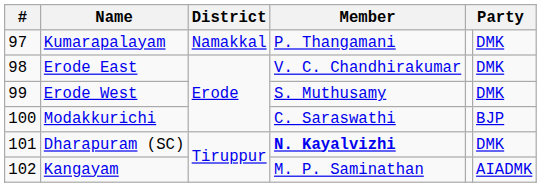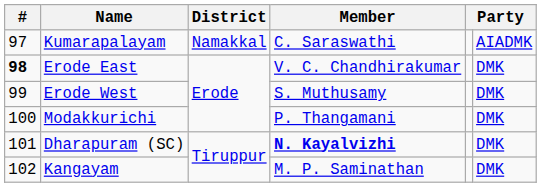 <table class="wikitable">
 <tr>
 <th>#</th>
 <th>Name</th>
 <th>District</th>
 <th>Member</th>
 <th colspan="2">Party</th>
 </tr>
 <tr>
 <td>97</td>
 <td><a href='#'>Kumarapalayam</a></td>
 <td rowspan="1"><a href='#'>Namakkal</a></td>
-<td><a href='#'>P. Thangamani</a></td>
+<td><a href='#'>C. Saraswathi</a></td>
 <td style="background-color: "></td>
-<td><a href='#'>DMK</a></td>
+<td><a href='#'>AIADMK</a></td>
 </tr>
 <tr>
-<td>98</td>
+<td><strong>98</strong></td>
 <td><a href='#'>Erode East</a></td>
 <td rowspan="3"><a href='#'>Erode</a></td>
 <td><a href='#'>V. C. Chandhirakumar</a></td>
 <td style="background-color: "></td>
 <td><a href='#'>DMK</a></td>
 </tr>
 <tr>
 <td>99</td>
 <td><a href='#'>Erode West</a></td>
 <td><a href='#'>S. Muthusamy</a></td>
 <td style="background-color: "></td>
 <td><a href='#'>DMK</a></td>
 </tr>
 <tr>
 <td>100</td>
 <td><a href='#'>Modakkurichi</a></td>
-<td><a href='#'>C. Saraswathi</a></td>
+<td><a href='#'>P. Thangamani</a></td>
 <td style="background-color: "></td>
-<td><a href='#'>BJP</a></td>
+<td><a href='#'>DMK</a></td>
 </tr>
 <tr>
 <td>101</td>
 <td><a href='#'>Dharapuram</a> (SC)</td>
 <td rowspan="2"><a href='#'>Tiruppur</a></td>
 <td><strong><a href='#'>N. Kayalvizhi</a></strong></td>
 <td style="background-color: "></td>
 <td><a href='#'>DMK</a></td>
 </tr>
 <tr>
 <td>102</td>
 <td><a href='#'>Kangayam</a></td>
 <td><a href='#'>M. P. Saminathan</a></td>
 <td style="background-color: "></td>
-<td><a href='#'>AIADMK</a></td>
+<td><a href='#'>DMK</a></td>
 </tr>
 </table>
